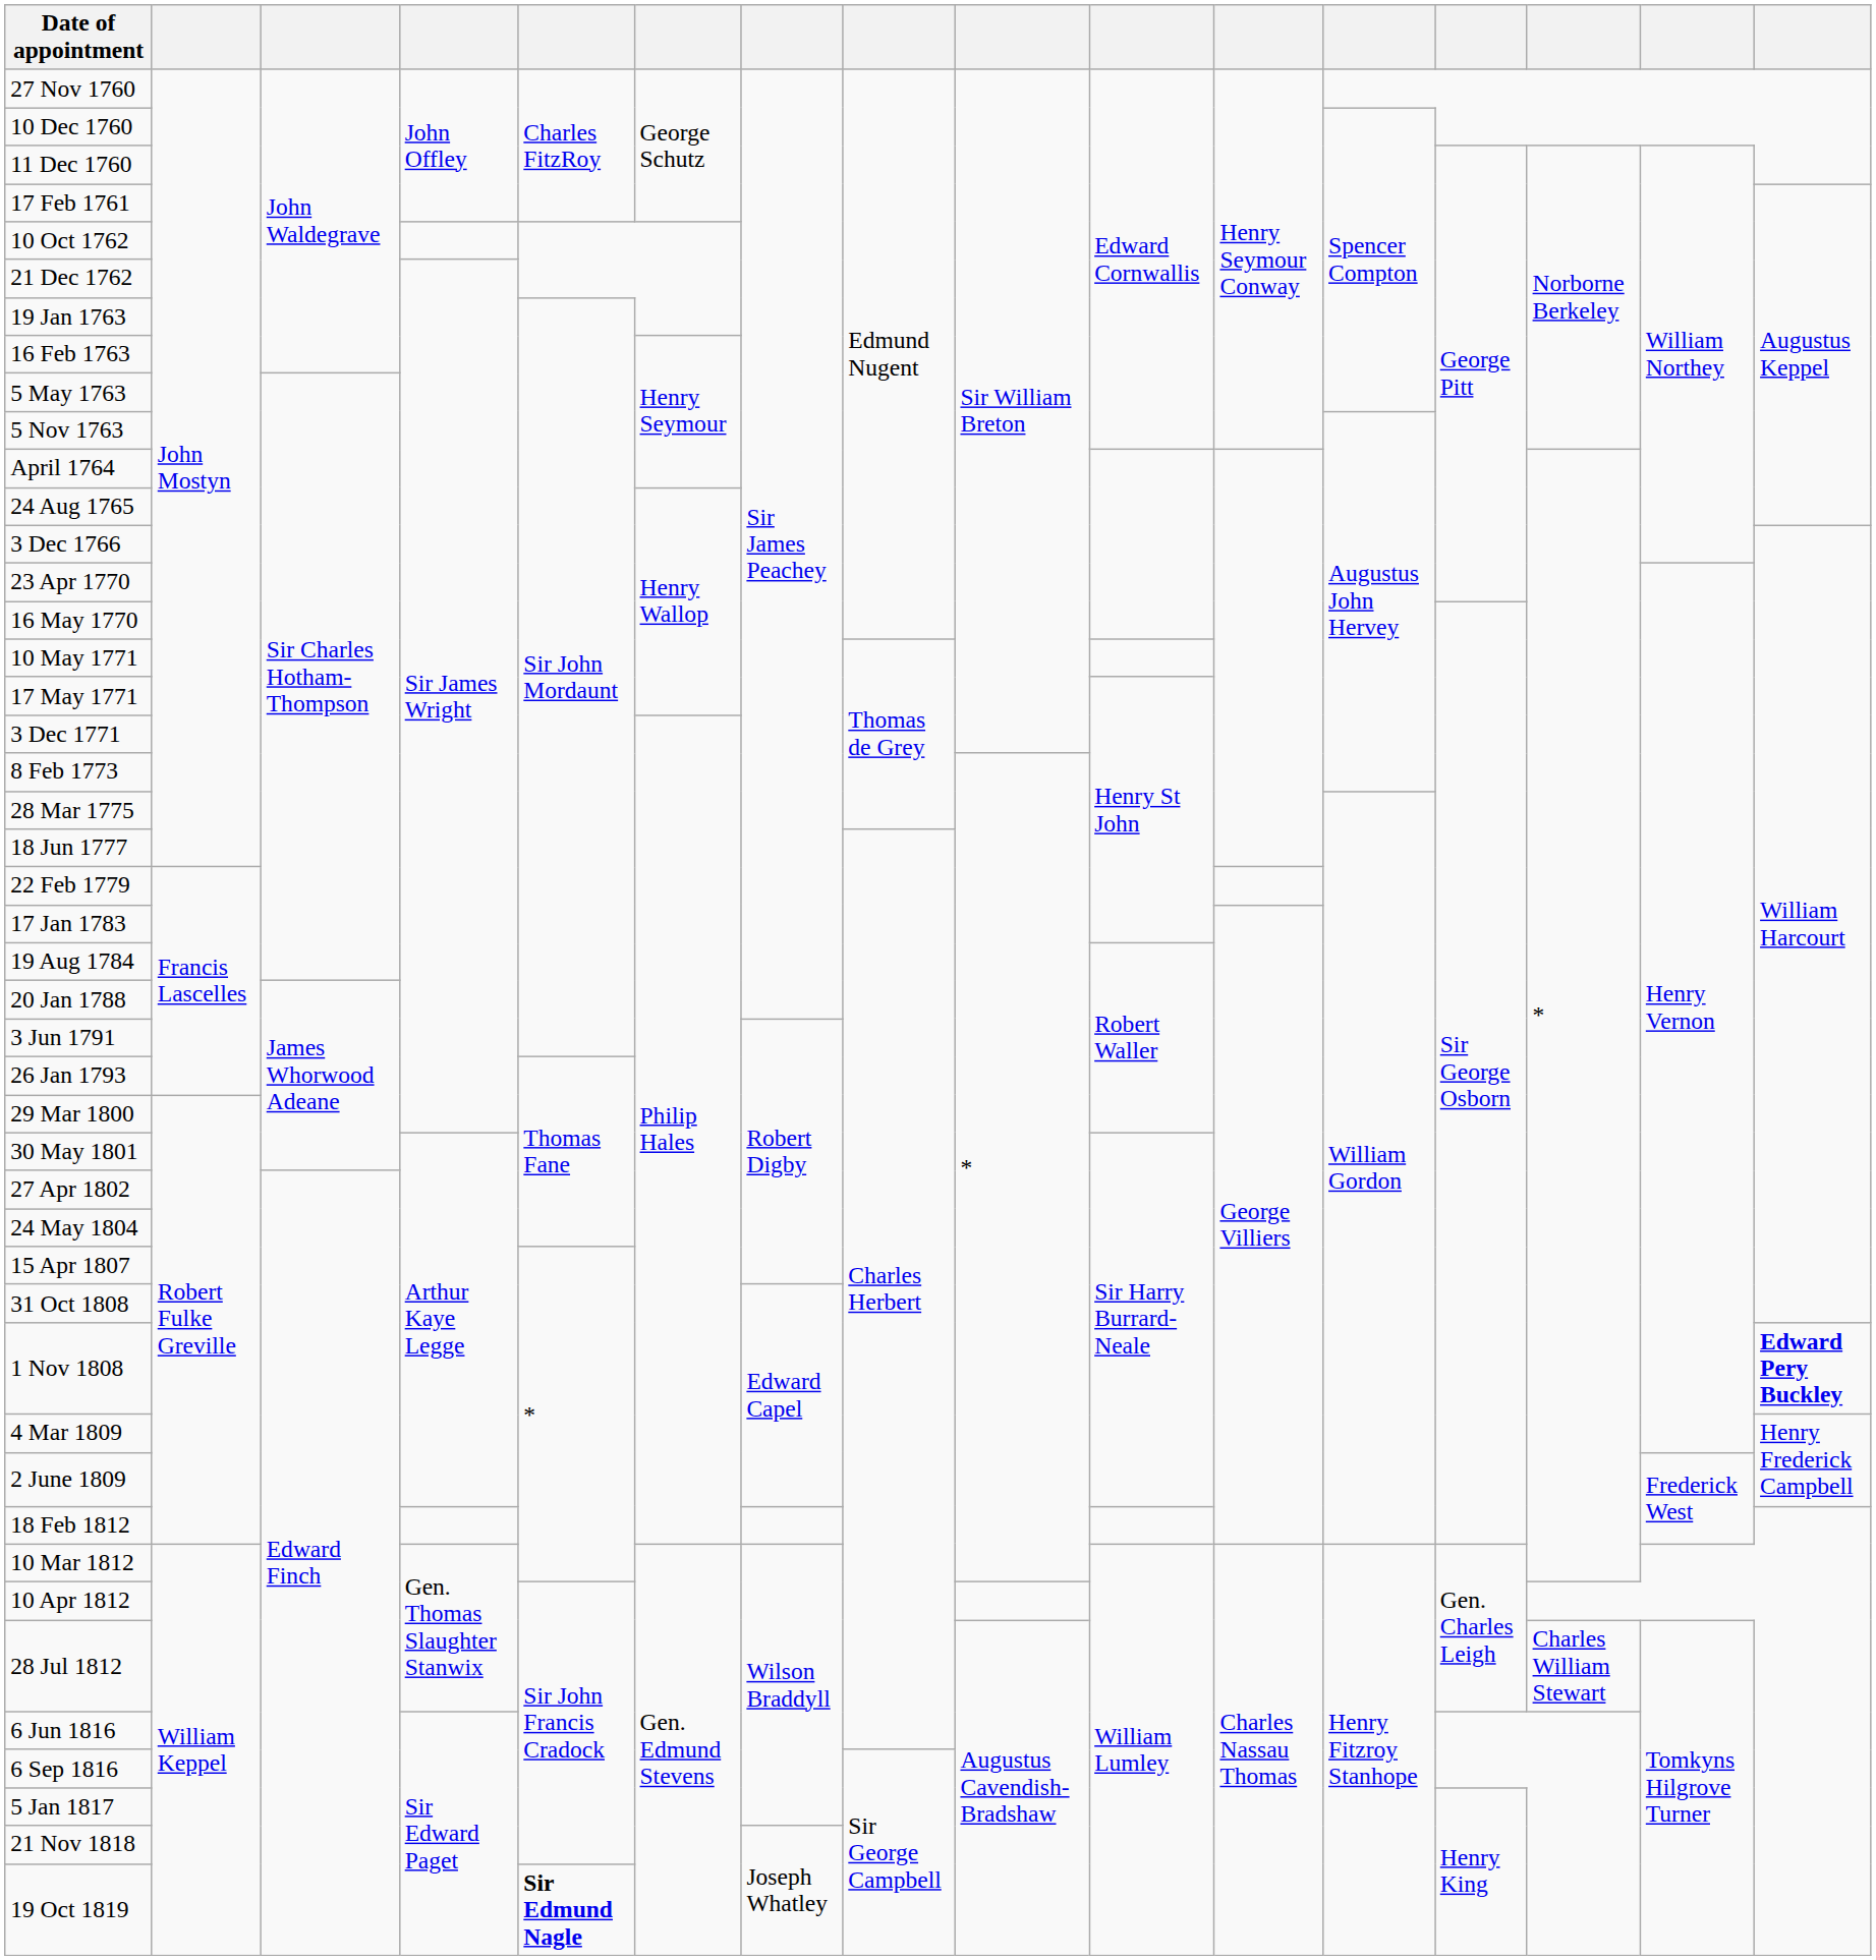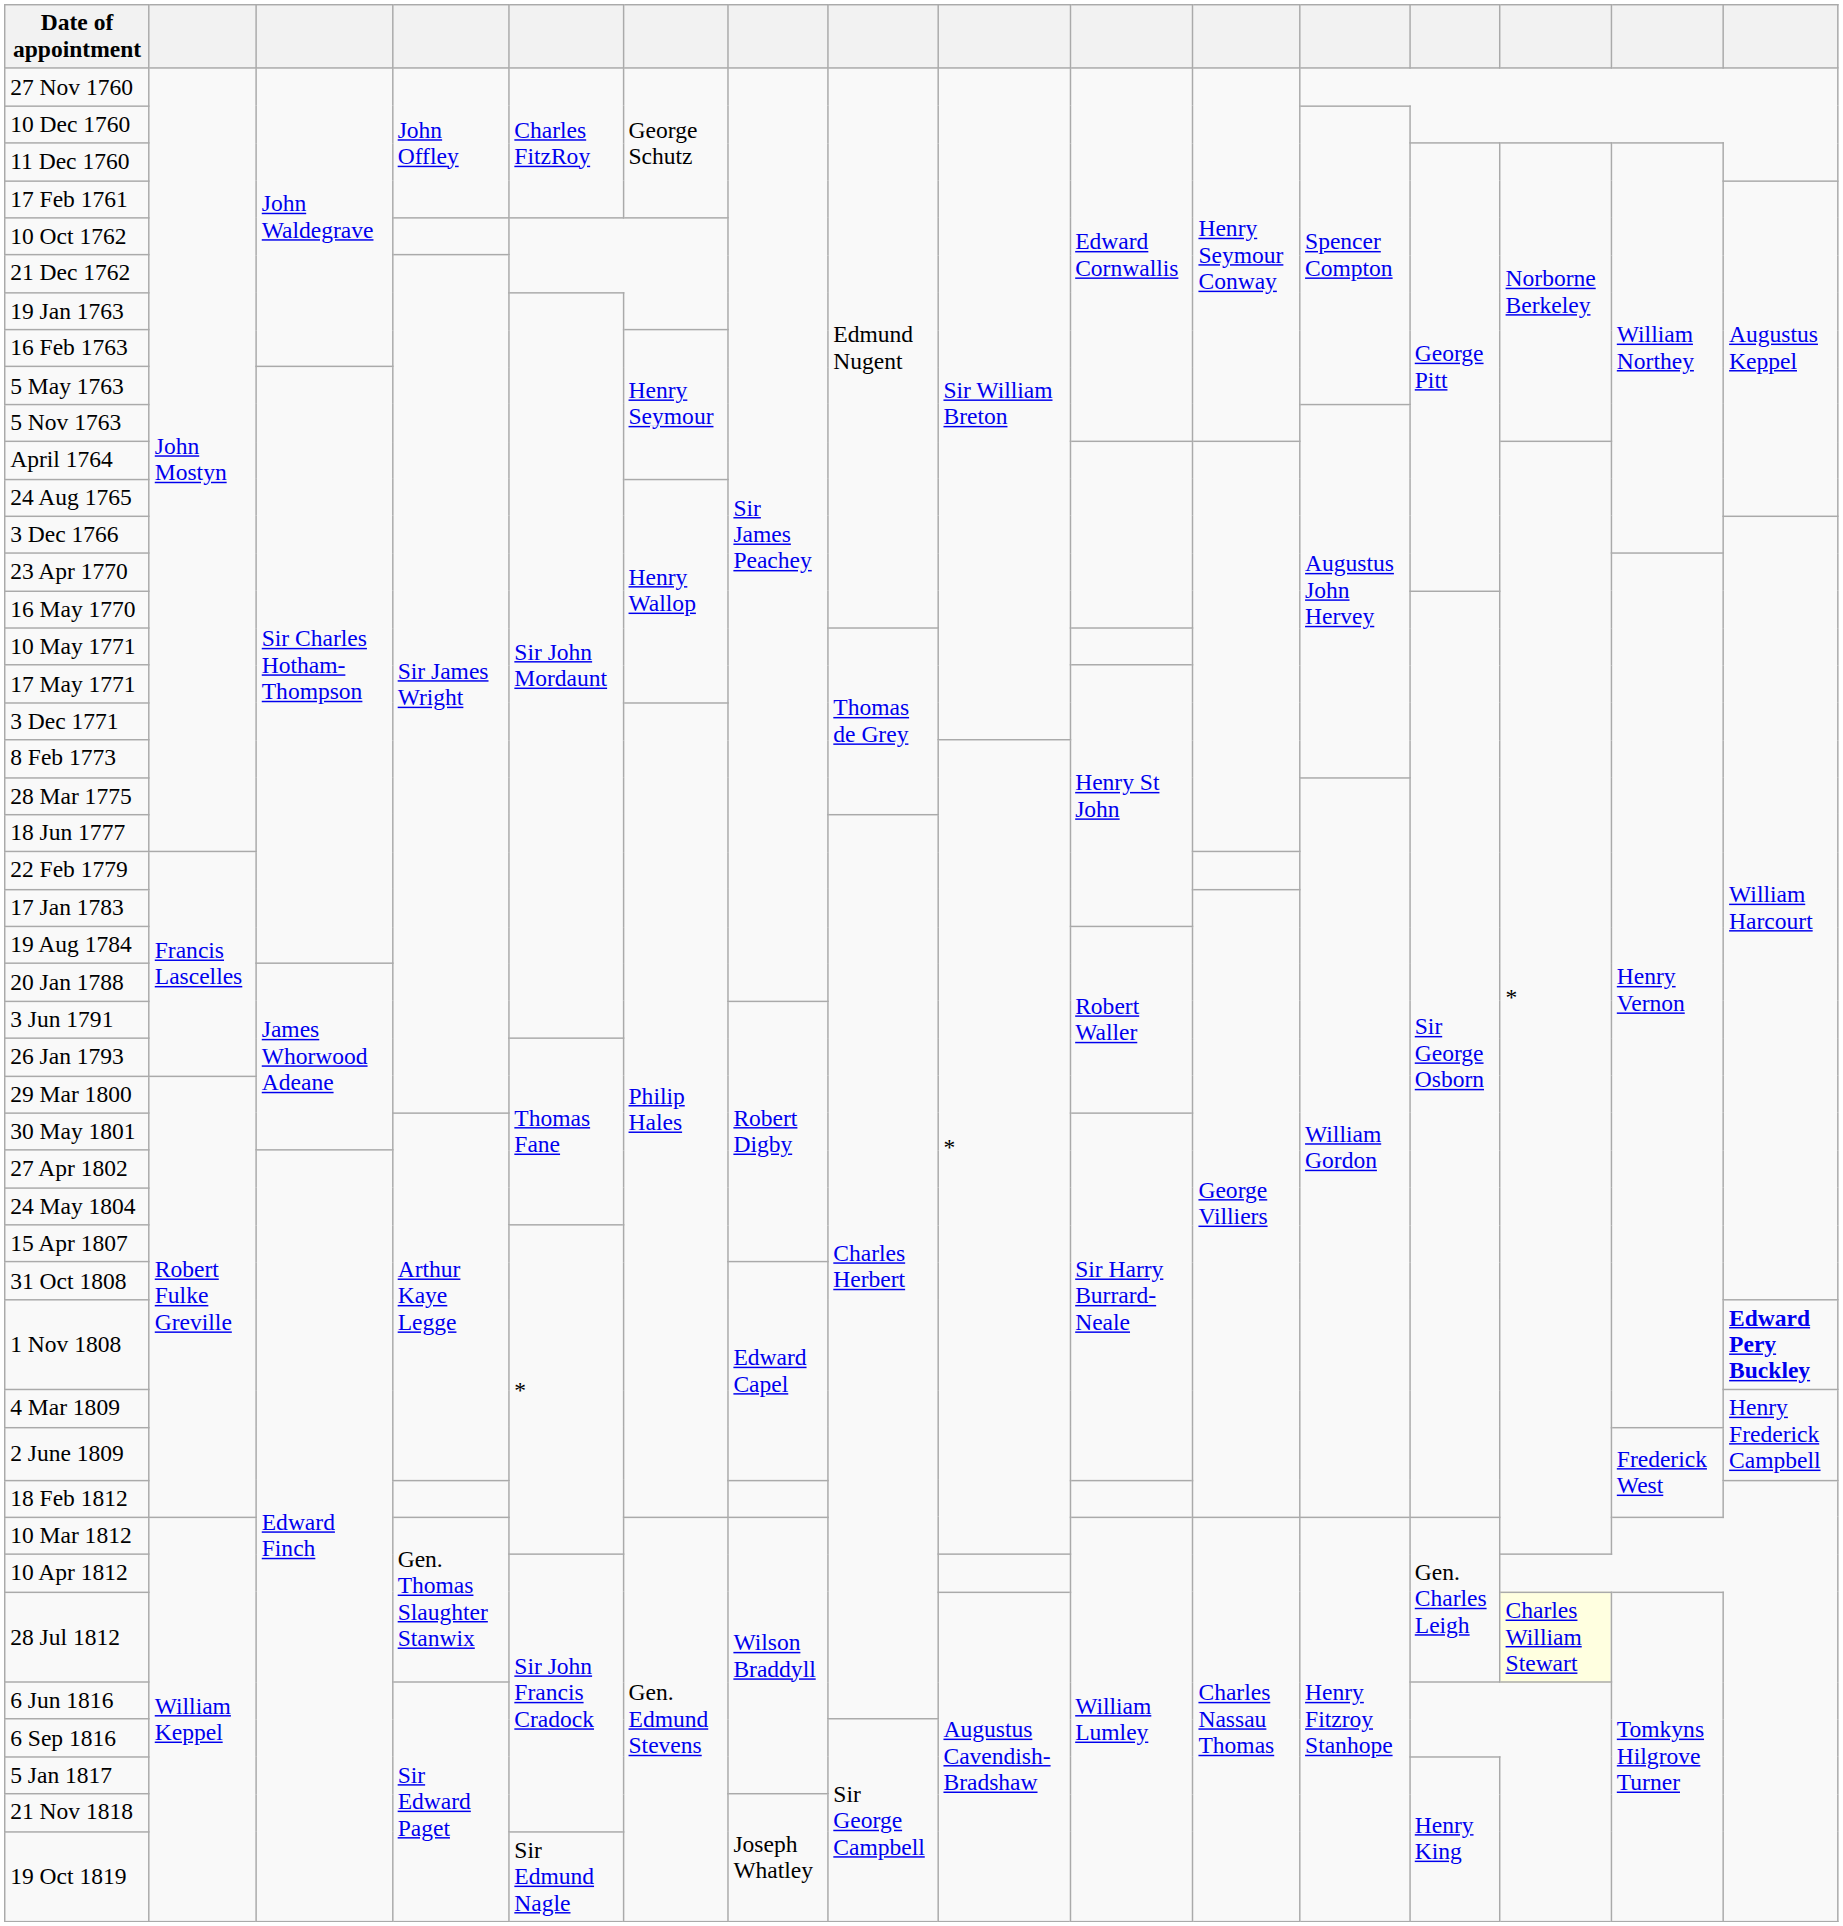 <table class="wikitable">
 <tr>
 <th>Date of appointment</th>
 <th></th>
 <th></th>
 <th></th>
 <th></th>
 <th></th>
 <th></th>
 <th></th>
 <th></th>
 <th></th>
 <th></th>
 <th></th>
 <th></th>
 <th></th>
 <th></th>
 <th></th>
 </tr>
 <tr>
 <td>27 Nov 1760</td>
 <td rowspan=21><a href='#'>John Mostyn</a></td>
 <td rowspan=8><a href='#'>John Waldegrave</a></td>
 <td rowspan=4><a href='#'>John Offley</a></td>
 <td rowspan=4><a href='#'>Charles FitzRoy</a></td>
 <td rowspan=4>George Schutz</td>
 <td rowspan=25><a href='#'>Sir James Peachey</a></td>
 <td rowspan=15>Edmund Nugent </td>
 <td rowspan=18><a href='#'>Sir William Breton</a></td>
 <td rowspan=10><a href='#'>Edward Cornwallis</a></td>
 <td rowspan=10><a href='#'>Henry Seymour Conway</a></td>
 </tr>
 <tr>
 <td>10 Dec 1760</td>
 <td rowspan=8><a href='#'>Spencer Compton</a></td>
 </tr>
 <tr>
 <td>11 Dec 1760</td>
 <td rowspan=12><a href='#'>George Pitt</a></td>
 <td rowspan=8><a href='#'>Norborne Berkeley</a></td>
 <td rowspan=11><a href='#'>William Northey</a></td>
 </tr>
 <tr>
 <td>17 Feb 1761</td>
 <td rowspan=9><a href='#'>Augustus Keppel</a></td>
 </tr>
 <tr>
 <td>10 Oct 1762</td>
 <td></td>
 </tr>
 <tr>
 <td>21 Dec 1762</td>
 <td rowspan=23><a href='#'>Sir James Wright</a></td>
 </tr>
 <tr>
 <td>19 Jan 1763</td>
 <td rowspan=20><a href='#'>Sir John Mordaunt</a></td>
 </tr>
 <tr>
 <td>16 Feb 1763</td>
 <td rowspan=4><a href='#'>Henry Seymour</a></td>
 </tr>
 <tr>
 <td>5 May 1763</td>
 <td rowspan=16><a href='#'>Sir Charles Hotham-Thompson</a></td>
 </tr>
 <tr>
 <td>5 Nov 1763</td>
 <td rowspan=10><a href='#'>Augustus John Hervey</a></td>
 </tr>
 <tr>
 <td>April 1764</td>
 <td rowspan=5></td>
 <td rowspan=11></td>
 <td rowspan=28>*</td>
 </tr>
 <tr>
 <td>24 Aug 1765</td>
 <td rowspan=6><a href='#'>Henry Wallop</a></td>
 </tr>
 <tr>
 <td>3 Dec 1766</td>
 <td rowspan=21><a href='#'>William Harcourt</a></td>
 </tr>
 <tr>
 <td>23 Apr 1770</td>
 <td rowspan=22><a href='#'>Henry Vernon</a></td>
 </tr>
 <tr>
 <td>16 May 1770</td>
 <td rowspan=23><a href='#'>Sir George Osborn</a></td>
 </tr>
 <tr>
 <td>10 May 1771</td>
 <td rowspan=5><a href='#'>Thomas de Grey</a></td>
 </tr>
 <tr>
 <td>17 May 1771</td>
 <td rowspan=7><a href='#'>Henry St John</a></td>
 </tr>
 <tr>
 <td>3 Dec 1771</td>
 <td rowspan=20><a href='#'>Philip Hales</a></td>
 </tr>
 <tr>
 <td>8 Feb 1773</td>
 <td rowspan=20>*</td>
 </tr>
 <tr>
 <td>28 Mar 1775</td>
 <td rowspan=18><a href='#'>William Gordon</a></td>
 </tr>
 <tr>
 <td>18 Jun 1777</td>
 <td rowspan=21><a href='#'>Charles Herbert</a></td>
 </tr>
 <tr>
 <td>22 Feb 1779</td>
 <td rowspan=6><a href='#'>Francis Lascelles</a></td>
 </tr>
 <tr>
 <td>17 Jan 1783</td>
 <td rowspan=15><a href='#'>George Villiers</a></td>
 </tr>
 <tr>
 <td>19 Aug 1784</td>
 <td rowspan=5><a href='#'>Robert Waller</a></td>
 </tr>
 <tr>
 <td>20 Jan 1788</td>
 <td rowspan=5><a href='#'>James Whorwood Adeane</a></td>
 </tr>
 <tr>
 <td>3 Jun 1791</td>
 <td rowspan=7><a href='#'>Robert Digby</a></td>
 </tr>
 <tr>
 <td>26 Jan 1793</td>
 <td rowspan=5><a href='#'>Thomas Fane</a></td>
 </tr>
 <tr>
 <td>29 Mar 1800</td>
 <td rowspan=10><a href='#'>Robert Fulke Greville</a></td>
 </tr>
 <tr>
 <td>30 May 1801</td>
 <td rowspan=8><a href='#'>Arthur Kaye Legge</a></td>
 <td rowspan=8><a href='#'>Sir Harry Burrard-Neale</a></td>
 </tr>
 <tr>
 <td>27 Apr 1802</td>
 <td rowspan=16><a href='#'>Edward Finch</a></td>
 </tr>
 <tr>
 <td>24 May 1804</td>
 </tr>
 <tr>
 <td>15 Apr 1807</td>
 <td rowspan=7>*</td>
 </tr>
 <tr>
 <td>31 Oct 1808</td>
 <td rowspan=4><a href='#'>Edward Capel</a></td>
 </tr>
 <tr>
 <td>1 Nov 1808</td>
 <td rowspan=><strong><a href='#'>Edward Pery Buckley</a></strong></td>
 </tr>
 <tr>
 <td>4 Mar 1809</td>
 <td rowspan=2><a href='#'>Henry Frederick Campbell</a> </td>
 </tr>
 <tr>
 <td>2 June 1809</td>
 <td rowspan=2><a href='#'>Frederick West</a></td>
 </tr>
 <tr>
 <td>18 Feb 1812</td>
 </tr>
 <tr>
 <td>10 Mar 1812</td>
 <td rowspan=8><a href='#'>William Keppel</a></td>
 <td rowspan=3>Gen. <a href='#'>Thomas Slaughter Stanwix</a> </td>
 <td rowspan=8>Gen. <a href='#'>Edmund Stevens</a></td>
 <td rowspan=6><a href='#'>Wilson Braddyll</a></td>
 <td rowspan=8><a href='#'>William Lumley</a></td>
 <td rowspan=8><a href='#'>Charles Nassau Thomas</a></td>
 <td rowspan=8><a href='#'>Henry Fitzroy Stanhope</a></td>
 <td rowspan=3>Gen. <a href='#'>Charles Leigh</a> </td>
 </tr>
 <tr>
 <td>10 Apr 1812</td>
 <td rowspan=6><a href='#'>Sir John Francis Cradock</a></td>
 </tr>
 <tr>
 <td>28 Jul 1812</td>
 <td rowspan=6><a href='#'>Augustus Cavendish-Bradshaw</a></td>
-<td><a href='#'>Charles William Stewart</a></td>
+<td style="background: lightyellow;"><a href='#'>Charles William Stewart</a></td>
 <td rowspan=6><a href='#'>Tomkyns Hilgrove Turner</a></td>
 </tr>
 <tr>
 <td>6 Jun 1816</td>
 <td rowspan=5><a href='#'>Sir Edward Paget</a></td>
 </tr>
 <tr>
 <td>6 Sep 1816</td>
 <td rowspan=4>Sir <a href='#'>George Campbell</a></td>
 </tr>
 <tr>
 <td>5 Jan 1817</td>
 <td rowspan=3><a href='#'>Henry King</a></td>
 </tr>
 <tr>
 <td>21 Nov 1818</td>
 <td rowspan=2>Joseph Whatley</td>
 </tr>
 <tr>
 <td>19 Oct 1819</td>
-<td><strong>Sir <a href='#'>Edmund Nagle</a></strong></td>
+<td>Sir <a href='#'>Edmund Nagle</a></td>
 </tr>
 </table>
